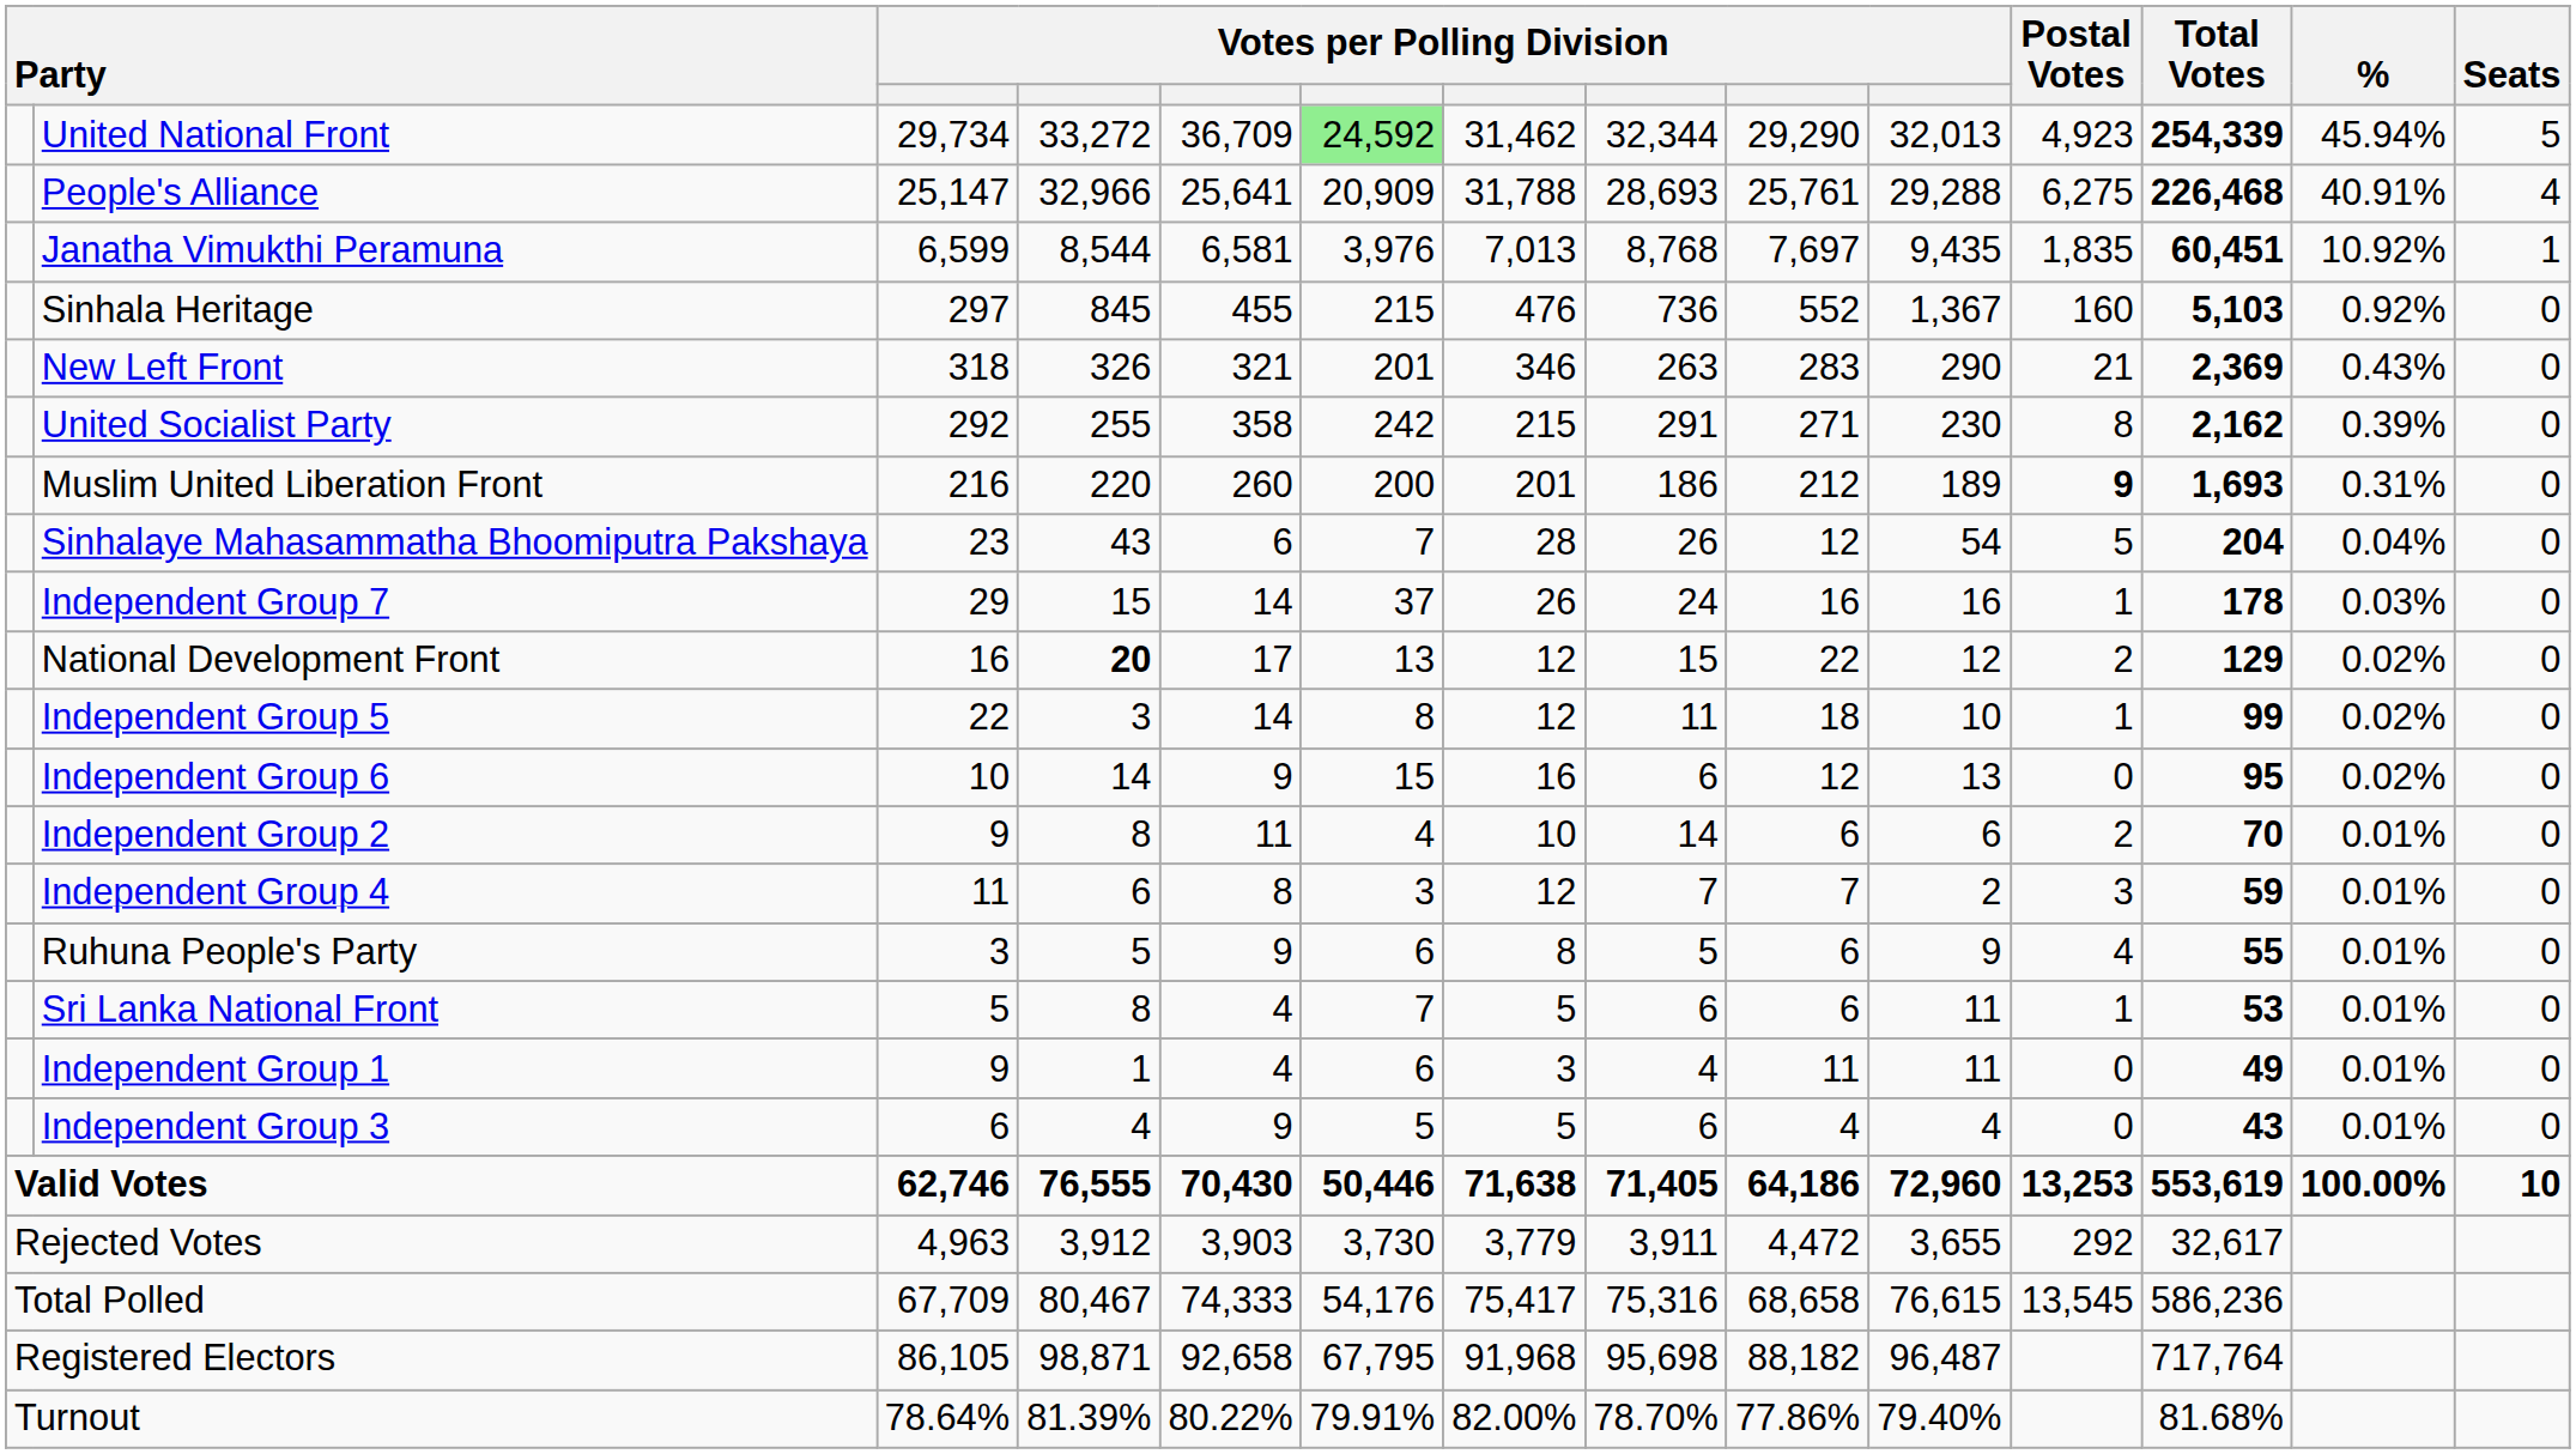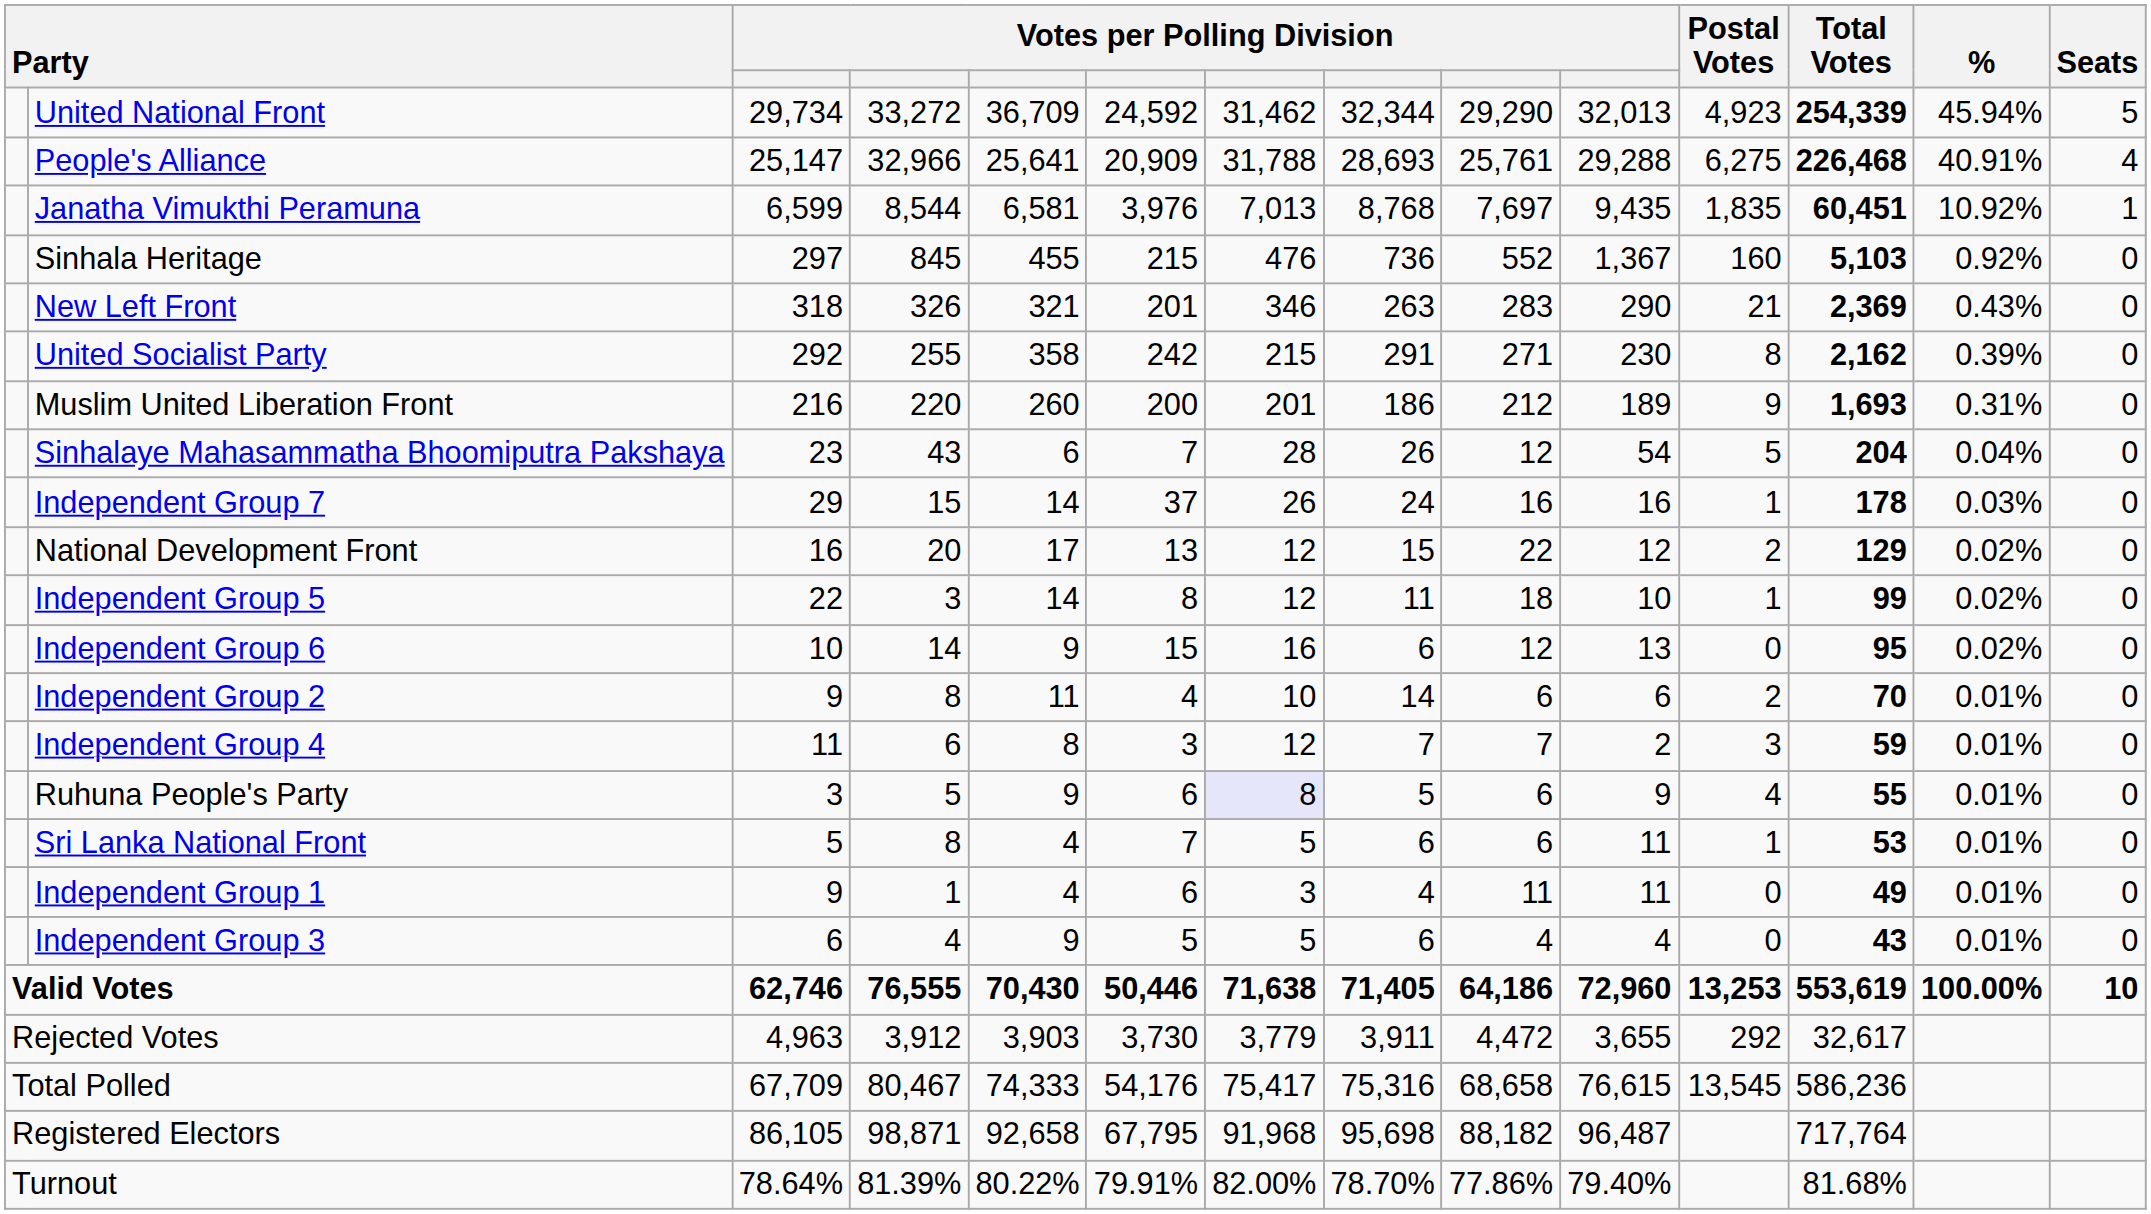 <table class="wikitable" border="1" style="text-align:right;">
 <tr>
 <th style="text-align:left; vertical-align:bottom;" rowspan="2" colspan="2">Party</th>
 <th colspan=8>Votes per Polling Division</th>
 <th rowspan="2" style="vertical-align:bottom; text-align:center; width:50px;">Postal<br>Votes</th>
 <th rowspan="2" style="vertical-align:bottom; text-align:center; width:50px;">Total Votes</th>
 <th rowspan="2" style="vertical-align:bottom; text-align:center; width:50px;">%</th>
 <th rowspan="2" style="vertical-align:bottom; text-align:center; width:40px;">Seats</th>
 </tr>
 <tr>
 <th></th>
 <th></th>
 <th></th>
 <th></th>
 <th></th>
 <th></th>
 <th></th>
 <th></th>
 </tr>
 <tr>
 <td bgcolor=> </td>
 <td align=left><a href='#'>United National Front</a> </td>
 <td>29,734</td>
 <td>33,272</td>
 <td>36,709</td>
-<td style="background: lightgreen;">24,592</td>
+<td>24,592</td>
 <td>31,462</td>
 <td>32,344</td>
 <td>29,290</td>
 <td>32,013</td>
 <td>4,923</td>
 <td><strong>254,339</strong></td>
 <td>45.94%</td>
 <td>5</td>
 </tr>
 <tr>
 <td bgcolor=> </td>
 <td align=left><a href='#'>People's Alliance</a> </td>
 <td>25,147</td>
 <td>32,966</td>
 <td>25,641</td>
 <td>20,909</td>
 <td>31,788</td>
 <td>28,693</td>
 <td>25,761</td>
 <td>29,288</td>
 <td>6,275</td>
 <td><strong>226,468</strong></td>
 <td>40.91%</td>
 <td>4</td>
 </tr>
 <tr>
 <td bgcolor=> </td>
 <td align=left><a href='#'>Janatha Vimukthi Peramuna</a></td>
 <td>6,599</td>
 <td>8,544</td>
 <td>6,581</td>
 <td>3,976</td>
 <td>7,013</td>
 <td>8,768</td>
 <td>7,697</td>
 <td>9,435</td>
 <td>1,835</td>
 <td><strong>60,451</strong></td>
 <td>10.92%</td>
 <td>1</td>
 </tr>
 <tr>
 <td bgcolor=> </td>
 <td align=left>Sinhala Heritage</td>
 <td>297</td>
 <td>845</td>
 <td>455</td>
 <td>215</td>
 <td>476</td>
 <td>736</td>
 <td>552</td>
 <td>1,367</td>
 <td>160</td>
 <td><strong>5,103</strong></td>
 <td>0.92%</td>
 <td>0</td>
 </tr>
 <tr>
 <td bgcolor=> </td>
 <td align=left><a href='#'>New Left Front</a> </td>
 <td>318</td>
 <td>326</td>
 <td>321</td>
 <td>201</td>
 <td>346</td>
 <td>263</td>
 <td>283</td>
 <td>290</td>
 <td>21</td>
 <td><strong>2,369</strong></td>
 <td>0.43%</td>
 <td>0</td>
 </tr>
 <tr>
 <td bgcolor=> </td>
 <td align=left><a href='#'>United Socialist Party</a></td>
 <td>292</td>
 <td>255</td>
 <td>358</td>
 <td>242</td>
 <td>215</td>
 <td>291</td>
 <td>271</td>
 <td>230</td>
 <td>8</td>
 <td><strong>2,162</strong></td>
 <td>0.39%</td>
 <td>0</td>
 </tr>
 <tr>
 <td bgcolor=> </td>
 <td align=left>Muslim United Liberation Front</td>
 <td>216</td>
 <td>220</td>
 <td>260</td>
 <td>200</td>
 <td>201</td>
 <td>186</td>
 <td>212</td>
 <td>189</td>
-<td><strong>9</strong></td>
+<td>9</td>
 <td><strong>1,693</strong></td>
 <td>0.31%</td>
 <td>0</td>
 </tr>
 <tr>
 <td bgcolor=> </td>
 <td align=left><a href='#'>Sinhalaye Mahasammatha Bhoomiputra Pakshaya</a></td>
 <td>23</td>
 <td>43</td>
 <td>6</td>
 <td>7</td>
 <td>28</td>
 <td>26</td>
 <td>12</td>
 <td>54</td>
 <td>5</td>
 <td><strong>204</strong></td>
 <td>0.04%</td>
 <td>0</td>
 </tr>
 <tr>
 <td bgcolor=> </td>
 <td align=left><a href='#'>Independent Group 7</a></td>
 <td>29</td>
 <td>15</td>
 <td>14</td>
 <td>37</td>
 <td>26</td>
 <td>24</td>
 <td>16</td>
 <td>16</td>
 <td>1</td>
 <td><strong>178</strong></td>
 <td>0.03%</td>
 <td>0</td>
 </tr>
 <tr>
 <td bgcolor=> </td>
 <td align=left>National Development Front</td>
 <td>16</td>
-<td><strong>20</strong></td>
+<td>20</td>
 <td>17</td>
 <td>13</td>
 <td>12</td>
 <td>15</td>
 <td>22</td>
 <td>12</td>
 <td>2</td>
 <td><strong>129</strong></td>
 <td>0.02%</td>
 <td>0</td>
 </tr>
 <tr>
 <td bgcolor=> </td>
 <td align=left><a href='#'>Independent Group 5</a></td>
 <td>22</td>
 <td>3</td>
 <td>14</td>
 <td>8</td>
 <td>12</td>
 <td>11</td>
 <td>18</td>
 <td>10</td>
 <td>1</td>
 <td><strong>99</strong></td>
 <td>0.02%</td>
 <td>0</td>
 </tr>
 <tr>
 <td bgcolor=> </td>
 <td align=left><a href='#'>Independent Group 6</a></td>
 <td>10</td>
 <td>14</td>
 <td>9</td>
 <td>15</td>
 <td>16</td>
 <td>6</td>
 <td>12</td>
 <td>13</td>
 <td>0</td>
 <td><strong>95</strong></td>
 <td>0.02%</td>
 <td>0</td>
 </tr>
 <tr>
 <td bgcolor=> </td>
 <td align=left><a href='#'>Independent Group 2</a></td>
 <td>9</td>
 <td>8</td>
 <td>11</td>
 <td>4</td>
 <td>10</td>
 <td>14</td>
 <td>6</td>
 <td>6</td>
 <td>2</td>
 <td><strong>70</strong></td>
 <td>0.01%</td>
 <td>0</td>
 </tr>
 <tr>
 <td bgcolor=> </td>
 <td align=left><a href='#'>Independent Group 4</a></td>
 <td>11</td>
 <td>6</td>
 <td>8</td>
 <td>3</td>
 <td>12</td>
 <td>7</td>
 <td>7</td>
 <td>2</td>
 <td>3</td>
 <td><strong>59</strong></td>
 <td>0.01%</td>
 <td>0</td>
 </tr>
 <tr>
 <td bgcolor=> </td>
 <td align=left>Ruhuna People's Party</td>
 <td>3</td>
 <td>5</td>
 <td>9</td>
 <td>6</td>
-<td>8</td>
+<td style="background: lavender;">8</td>
 <td>5</td>
 <td>6</td>
 <td>9</td>
 <td>4</td>
 <td><strong>55</strong></td>
 <td>0.01%</td>
 <td>0</td>
 </tr>
 <tr>
 <td bgcolor=> </td>
 <td align=left><a href='#'>Sri Lanka National Front</a></td>
 <td>5</td>
 <td>8</td>
 <td>4</td>
 <td>7</td>
 <td>5</td>
 <td>6</td>
 <td>6</td>
 <td>11</td>
 <td>1</td>
 <td><strong>53</strong></td>
 <td>0.01%</td>
 <td>0</td>
 </tr>
 <tr>
 <td bgcolor=> </td>
 <td align=left><a href='#'>Independent Group 1</a></td>
 <td>9</td>
 <td>1</td>
 <td>4</td>
 <td>6</td>
 <td>3</td>
 <td>4</td>
 <td>11</td>
 <td>11</td>
 <td>0</td>
 <td><strong>49</strong></td>
 <td>0.01%</td>
 <td>0</td>
 </tr>
 <tr>
 <td bgcolor=> </td>
 <td align=left><a href='#'>Independent Group 3</a></td>
 <td>6</td>
 <td>4</td>
 <td>9</td>
 <td>5</td>
 <td>5</td>
 <td>6</td>
 <td>4</td>
 <td>4</td>
 <td>0</td>
 <td><strong>43</strong></td>
 <td>0.01%</td>
 <td>0</td>
 </tr>
 <tr>
 <td align=left colspan="2"><strong>Valid Votes</strong></td>
 <td><strong>62,746</strong></td>
 <td><strong>76,555</strong></td>
 <td><strong>70,430</strong></td>
 <td><strong>50,446</strong></td>
 <td><strong>71,638</strong></td>
 <td><strong>71,405</strong></td>
 <td><strong>64,186</strong></td>
 <td><strong>72,960</strong></td>
 <td><strong>13,253</strong></td>
 <td><strong>553,619</strong></td>
 <td><strong>100.00%</strong></td>
 <td><strong>10</strong></td>
 </tr>
 <tr>
 <td align=left colspan="2">Rejected Votes</td>
 <td>4,963</td>
 <td>3,912</td>
 <td>3,903</td>
 <td>3,730</td>
 <td>3,779</td>
 <td>3,911</td>
 <td>4,472</td>
 <td>3,655</td>
 <td>292</td>
 <td>32,617</td>
 <td></td>
 <td></td>
 </tr>
 <tr>
 <td align=left colspan="2">Total Polled</td>
 <td>67,709</td>
 <td>80,467</td>
 <td>74,333</td>
 <td>54,176</td>
 <td>75,417</td>
 <td>75,316</td>
 <td>68,658</td>
 <td>76,615</td>
 <td>13,545</td>
 <td>586,236</td>
 <td></td>
 <td></td>
 </tr>
 <tr>
 <td align=left colspan="2">Registered Electors</td>
 <td>86,105</td>
 <td>98,871</td>
 <td>92,658</td>
 <td>67,795</td>
 <td>91,968</td>
 <td>95,698</td>
 <td>88,182</td>
 <td>96,487</td>
 <td></td>
 <td>717,764</td>
 <td></td>
 <td></td>
 </tr>
 <tr>
 <td align=left colspan="2">Turnout</td>
 <td>78.64%</td>
 <td>81.39%</td>
 <td>80.22%</td>
 <td>79.91%</td>
 <td>82.00%</td>
 <td>78.70%</td>
 <td>77.86%</td>
 <td>79.40%</td>
 <td></td>
 <td>81.68%</td>
 <td></td>
 <td></td>
 </tr>
 </table>
